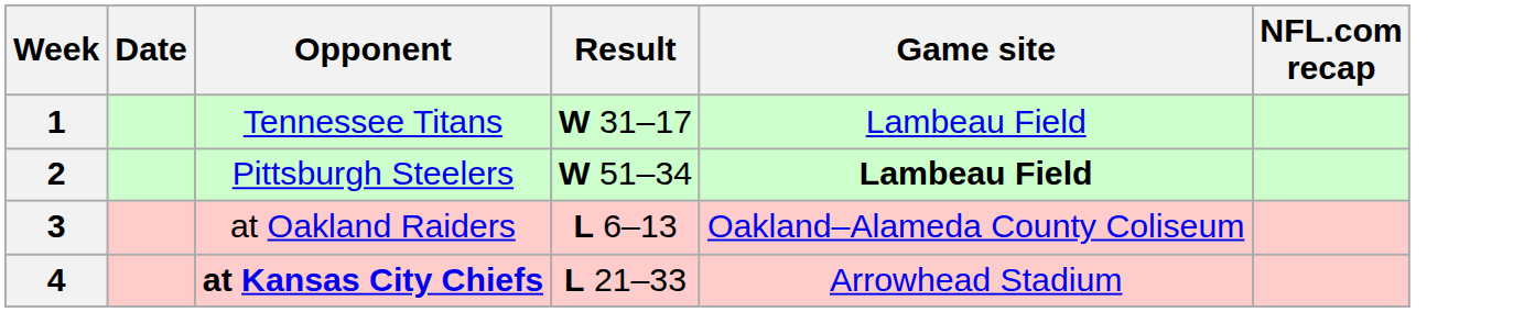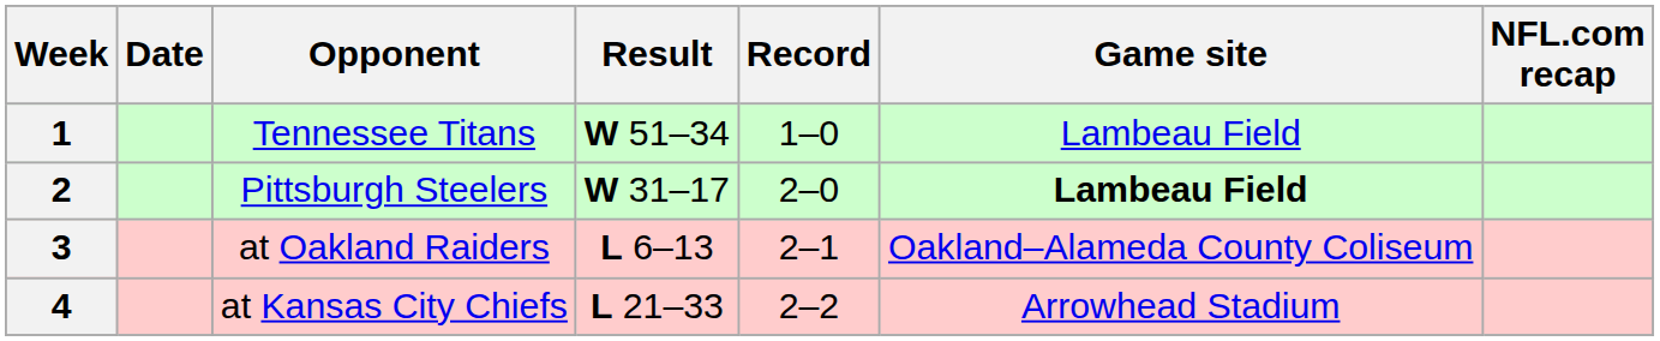 <table class="wikitable" style="text-align:center">
 <tr>
 <th>Week</th>
 <th>Date</th>
 <th>Opponent</th>
 <th>Result</th>
+<th>Record</th>
 <th>Game site</th>
 <th>NFL.com<br>recap</th>
 </tr>
 <tr bgcolor=ccffcc>
 <th>1</th>
 <td></td>
 <td><a href='#'>Tennessee Titans</a></td>
-<td><strong>W</strong> 31–17</td>
+<td><strong>W</strong> 51–34</td>
+<td>1–0</td>
 <td><a href='#'>Lambeau Field</a></td>
 <td></td>
 </tr>
 <tr bgcolor=ccffcc>
 <th>2</th>
 <td></td>
 <td><a href='#'>Pittsburgh Steelers</a></td>
-<td><strong>W</strong> 51–34</td>
+<td><strong>W</strong> 31–17</td>
+<td>2–0</td>
 <td><strong>Lambeau Field</strong></td>
 <td></td>
 </tr>
 <tr bgcolor=ffcccc>
 <th>3</th>
 <td></td>
 <td>at <a href='#'>Oakland Raiders</a></td>
 <td><strong>L</strong> 6–13</td>
+<td>2–1</td>
 <td><a href='#'>Oakland–Alameda County Coliseum</a></td>
 <td></td>
 </tr>
 <tr bgcolor=ffcccc>
 <th>4</th>
 <td></td>
-<td><strong>at <a href='#'>Kansas City Chiefs</a></strong></td>
+<td>at <a href='#'>Kansas City Chiefs</a></td>
 <td><strong>L</strong> 21–33</td>
+<td>2–2</td>
 <td><a href='#'>Arrowhead Stadium</a></td>
 <td></td>
 </tr>
 </table>
